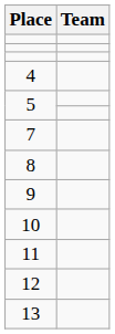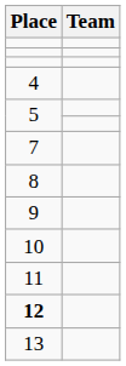 <table class="wikitable">
 <tr>
 <th>Place</th>
 <th>Team</th>
 </tr>
 <tr>
 <td align=center></td>
 <td></td>
 </tr>
 <tr>
 <td align=center></td>
 <td></td>
 </tr>
 <tr>
 <td align=center></td>
 <td></td>
 </tr>
 <tr>
 <td align=center>4</td>
 <td></td>
 </tr>
 <tr>
 <td rowspan="2" align=center>5</td>
 <td></td>
 </tr>
 <tr>
 <td></td>
 </tr>
 <tr>
 <td align=center>7</td>
 <td></td>
 </tr>
 <tr>
 <td align=center>8</td>
 <td></td>
 </tr>
 <tr>
 <td align=center>9</td>
 <td></td>
 </tr>
 <tr>
 <td align=center>10</td>
 <td></td>
 </tr>
 <tr>
 <td align=center>11</td>
 <td></td>
 </tr>
 <tr>
-<td align=center>12</td>
+<td align=center><strong>12</strong></td>
 <td></td>
 </tr>
 <tr>
 <td align=center>13</td>
 <td></td>
 </tr>
 </table>
